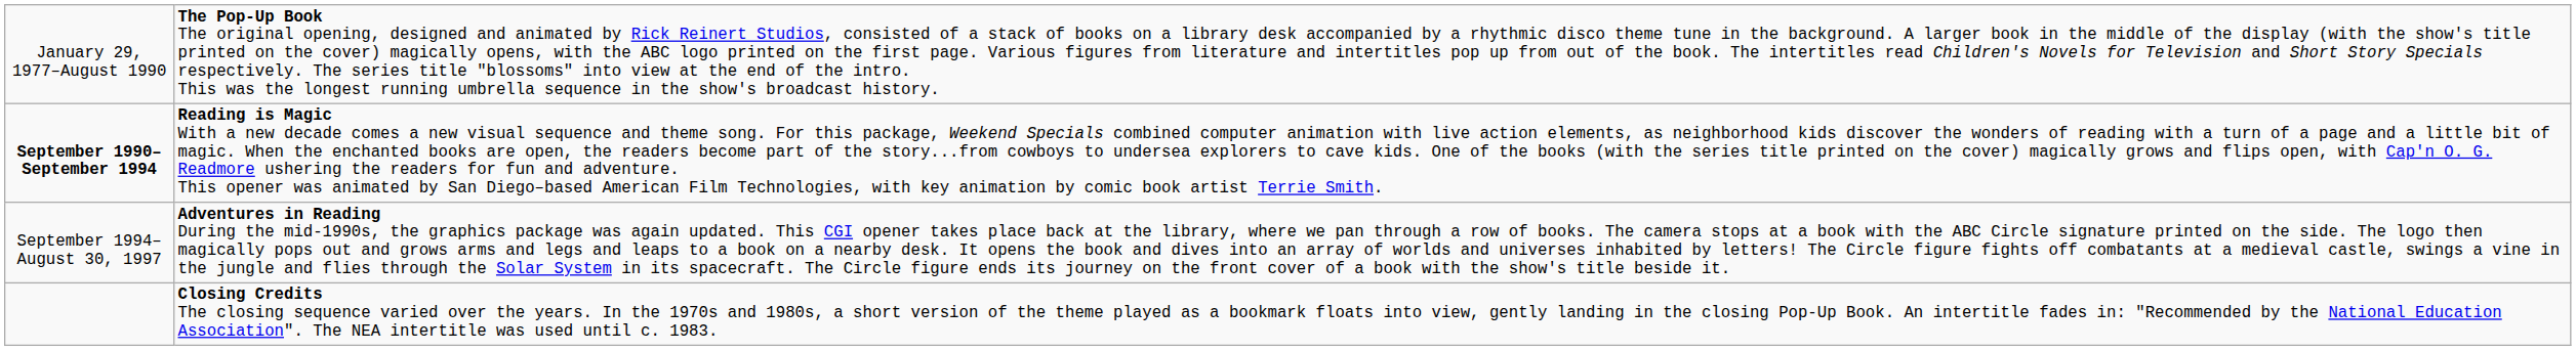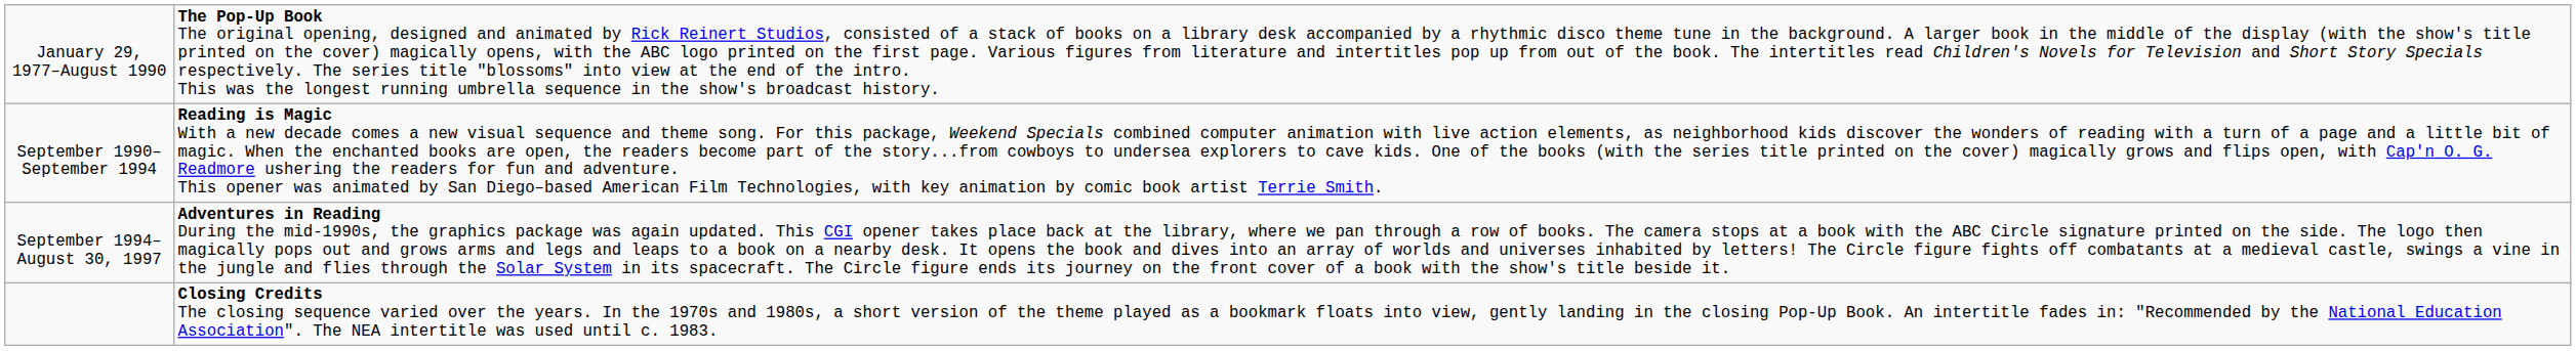 <table style=font-size:95%; class=wikitable>
 <tr>
 <td align="center"><br>January 29, 1977–August 1990</td>
 <td><strong>The Pop-Up Book</strong><br>The original opening, designed and animated by <a href='#'>Rick Reinert Studios</a>, consisted of a stack of books on a library desk accompanied by a rhythmic disco theme tune in the background. A larger book in the middle of the display (with the show's title printed on the cover) magically opens, with the ABC logo printed on the first page.  Various figures from literature and intertitles pop up from out of the book.  The intertitles read <em>Children's Novels for Television</em> and <em>Short Story Specials</em> respectively.  The series title "blossoms" into view at the end of the intro.<br>This was the longest running umbrella sequence in the show's broadcast history.</td>
 </tr>
 <tr>
-<td align="center"><strong><br>September 1990–September 1994</strong></td>
+<td align="center"><br>September 1990–September 1994</td>
 <td><strong>Reading is Magic</strong><br>With a new decade comes a new visual sequence and theme song.  For this package, <em>Weekend Specials</em> combined computer animation with live action elements, as neighborhood kids discover the wonders of reading with a turn of a page and a little bit of magic. When the enchanted books are open, the readers become part of the story...from cowboys to undersea explorers to cave kids.  One of the books (with the series title printed on the cover) magically grows and flips open, with <a href='#'>Cap'n O. G. Readmore</a> ushering the readers for fun and adventure.<br>This opener was animated by San Diego–based American Film Technologies, with key animation by comic book artist <a href='#'>Terrie Smith</a>.</td>
 </tr>
 <tr>
 <td align="center"><br>September 1994–August 30, 1997</td>
 <td><strong>Adventures in Reading</strong><br>During the mid-1990s, the graphics package was again updated. This <a href='#'>CGI</a> opener takes place back at the library, where we pan through a row of books. The camera stops at a book with the ABC Circle signature printed on the side.  The logo then magically pops out and grows arms and legs and leaps to a book on a nearby desk. It opens the book and dives into an array of worlds and universes inhabited by letters! The Circle figure fights off combatants at a medieval castle, swings a vine in the jungle and flies through the <a href='#'>Solar System</a> in its spacecraft. The Circle figure ends its journey on the front cover of a book with the show's title beside it.</td>
 </tr>
 <tr>
 <td align="center"></td>
 <td><strong>Closing Credits</strong><br>The closing sequence varied over the years. In the 1970s and 1980s, a short version of the theme played as a bookmark floats into view, gently landing in the closing Pop-Up Book.  An intertitle fades in: "Recommended by the <a href='#'>National Education Association</a>".  The NEA intertitle was used until c. 1983.</td>
 </tr>
 </table>
